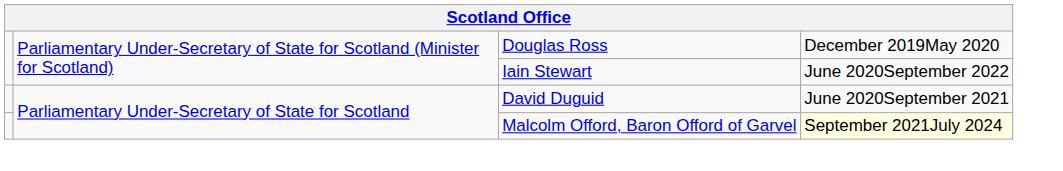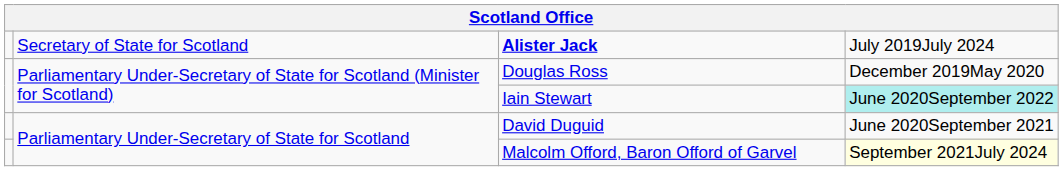 <table class="wikitable">
 <tr>
 <th colspan="4"><a href='#'>Scotland Office</a></th>
+</tr>
+<tr>
+<td style="width: 1px; background: "></td>
+<td style="width: 450px;"><a href='#'>Secretary of State for Scotland</a></td>
+<td style="width: 320px;"><strong><a href='#'>Alister Jack</a></strong></td>
+<td>July 2019July 2024</td>
 </tr>
 <tr>
 <td rowspan=2 style="width: 1px; background: "></td>
 <td rowspan=2 style="width: 450px;"><a href='#'>Parliamentary Under-Secretary of State for Scotland (Minister for Scotland)</a></td>
 <td><a href='#'>Douglas Ross</a><br></td>
 <td>December 2019May 2020</td>
 </tr>
 <tr>
 <td><a href='#'>Iain Stewart</a></td>
-<td>June 2020September 2022</td>
+<td style="background: paleturquoise;">June 2020September 2022</td>
 </tr>
 <tr>
 <td style="width: 1px; background: "></td>
 <td rowspan=2 style="width: 450px;"><a href='#'>Parliamentary Under-Secretary of State for Scotland</a></td>
 <td><a href='#'>David Duguid</a> <br></td>
 <td>June 2020September 2021</td>
 </tr>
 <tr>
 <td style="width: 1px; background: "></td>
 <td><a href='#'>Malcolm Offord, Baron Offord of Garvel</a> </td>
 <td style="background: lightyellow;">September 2021July 2024</td>
 </tr>
 </table>
